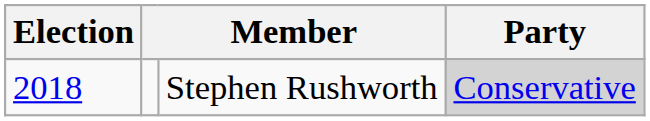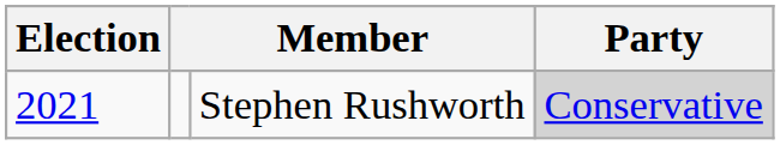 <table class="wikitable">
 <tr>
 <th>Election</th>
 <th colspan="2">Member</th>
 <th>Party</th>
 </tr>
 <tr>
-<td><a href='#'>2018</a></td>
+<td><a href='#'>2021</a></td>
 <td rowspan="1" style="background-color: "></td>
 <td rowspan="1">Stephen Rushworth</td>
 <td rowspan="1" style="background: lightgrey;"><a href='#'>Conservative</a></td>
 </tr>
 </table>
